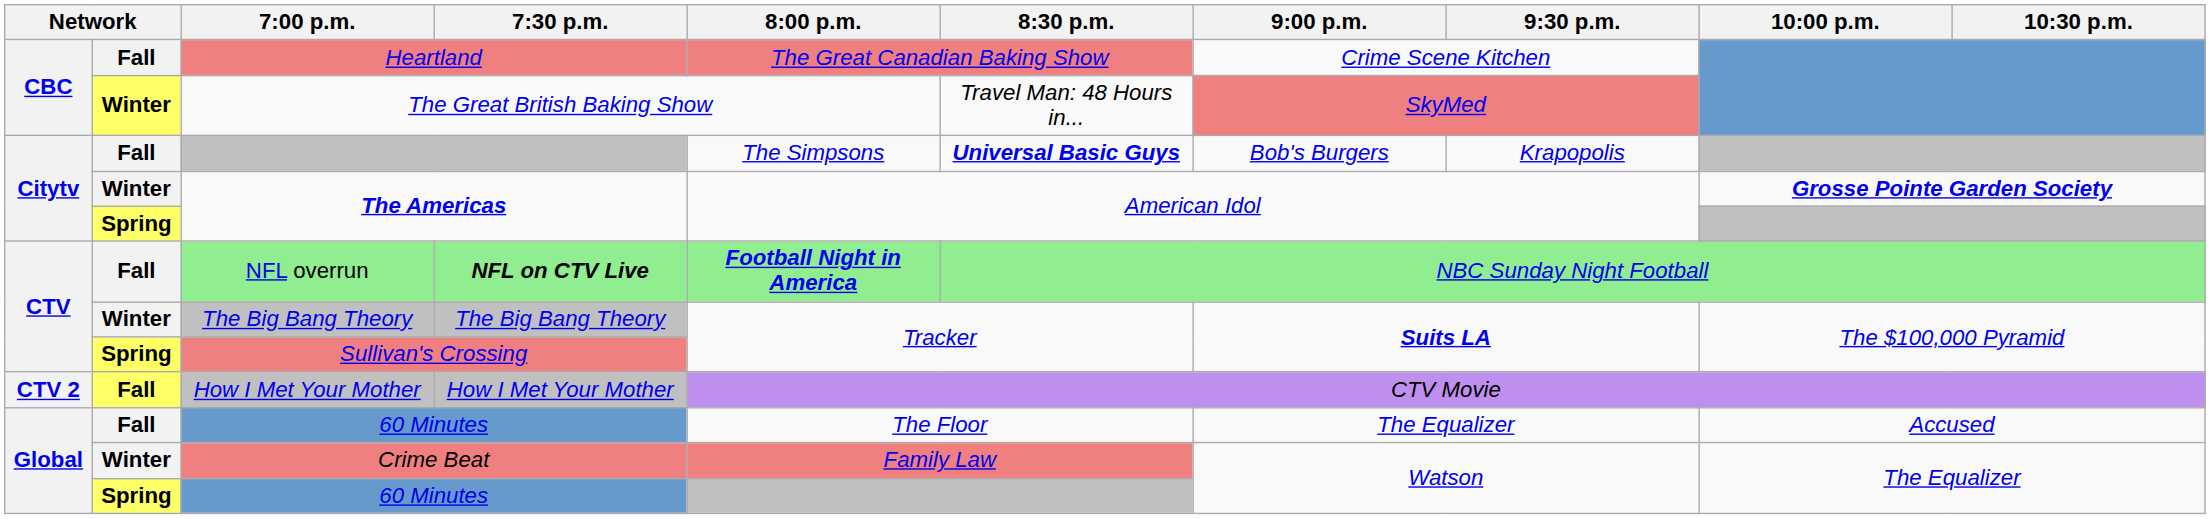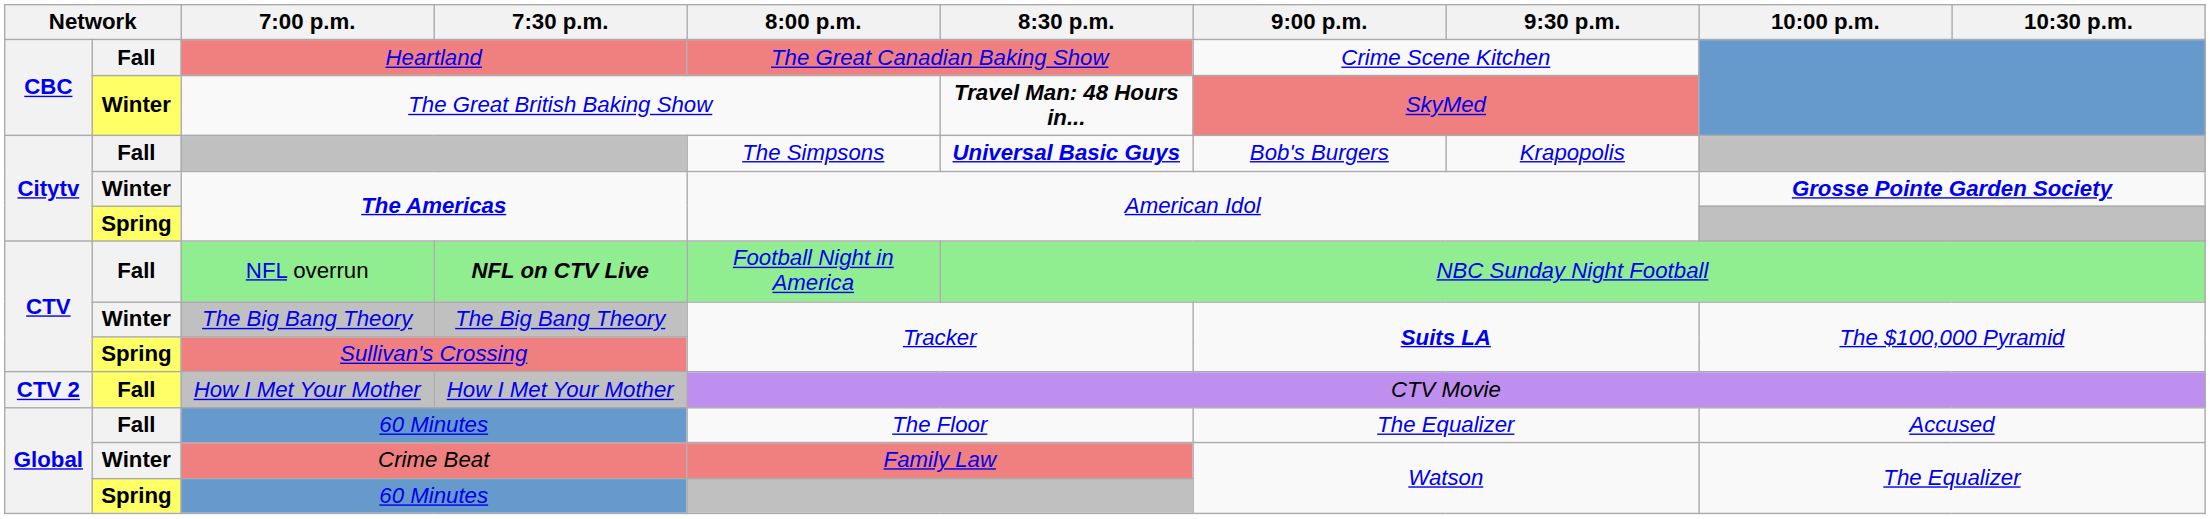 <table class=wikitable style=width:100%;margin-right:0;text-align:center>
 <tr>
 <th style=width:8% colspan=2>Network</th>
 <th style=width:11.5%>7:00 p.m.</th>
 <th style=width:11.5%>7:30 p.m.</th>
 <th style=width:11.5%>8:00 p.m.</th>
 <th style=width:11.5%>8:30 p.m.</th>
 <th style=width:11.5%>9:00 p.m.</th>
 <th style=width:11.5%>9:30 p.m.</th>
 <th style=width:11.5%>10:00 p.m.</th>
 <th style=width:11.5%>10:30 p.m.</th>
 </tr>
 <tr>
 <th rowspan=2><a href='#'>CBC</a></th>
 <th>Fall</th>
 <td colspan=2 style=background:#F08080><em><a href='#'>Heartland</a></em> </td>
 <td colspan=2 style=background:#F08080><em><a href='#'>The Great Canadian Baking Show</a></em> </td>
 <td colspan=2><em><a href='#'>Crime Scene Kitchen</a></em> </td>
 <td colspan=2 style=background:#6699CC rowspan=2></td>
 </tr>
 <tr>
 <th style=background:#FFFF66>Winter</th>
 <td colspan=3><em><a href='#'>The Great British Baking Show</a></em> </td>
-<td><em>Travel Man: 48 Hours in...</em></td>
+<td><strong><em>Travel Man: 48 Hours in...</em></strong></td>
 <td colspan=2 style=background:#F08080><em><a href='#'>SkyMed</a></em> </td>
 </tr>
 <tr>
 <th rowspan=3><a href='#'>Citytv</a></th>
 <th>Fall</th>
 <td colspan=2 style=background:#C0C0C0> </td>
 <td><em><a href='#'>The Simpsons</a></em> </td>
 <td><strong><em><a href='#'>Universal Basic Guys</a></em></strong> </td>
 <td><em><a href='#'>Bob's Burgers</a></em> </td>
 <td><em><a href='#'>Krapopolis</a></em> </td>
 <td colspan=2 style=background:#C0C0C0> </td>
 </tr>
 <tr>
 <th>Winter</th>
 <td colspan=2 rowspan=2><strong><em><a href='#'>The Americas</a></em></strong></td>
 <td colspan=4 rowspan=2><em><a href='#'>American Idol</a></em></td>
 <td colspan=2><strong><em><a href='#'>Grosse Pointe Garden Society</a></em></strong></td>
 </tr>
 <tr>
 <th style=background:#FFFF66>Spring</th>
 <td colspan=2 style=background:#C0C0C0> </td>
 </tr>
 <tr>
 <th rowspan=3><a href='#'>CTV</a></th>
 <th>Fall</th>
 <td style=background:lightgreen><a href='#'>NFL</a> overrun </td>
 <td style=background:lightgreen><strong><em>NFL on CTV Live</em></strong></td>
-<td style=background:lightgreen><strong><em><a href='#'>Football Night in America</a></em></strong></td>
+<td style=background:lightgreen><em><a href='#'>Football Night in America</a></em></td>
 <td colspan=5 style=background:lightgreen><em><a href='#'>NBC Sunday Night Football</a></em></td>
 </tr>
 <tr>
 <th>Winter</th>
 <td style=background:#C0C0C0><em><a href='#'>The Big Bang Theory</a></em> </td>
 <td style=background:#C0C0C0><em><a href='#'>The Big Bang Theory</a></em> </td>
 <td colspan=2 rowspan=2><em><a href='#'>Tracker</a></em> </td>
 <td colspan=2 rowspan=2><strong><em><a href='#'>Suits LA</a></em></strong> </td>
 <td colspan=2 rowspan=2><em><a href='#'>The $100,000 Pyramid</a></em> </td>
 </tr>
 <tr>
 <th style=background:#FFFF66>Spring</th>
 <td colspan=2 style=background:#F08080><em><a href='#'>Sullivan's Crossing</a></em> </td>
 </tr>
 <tr>
 <th><a href='#'>CTV 2</a></th>
 <th style=background:#FFFF66>Fall</th>
 <td style=background:#C0C0C0><em><a href='#'>How I Met Your Mother</a></em> </td>
 <td style=background:#C0C0C0><em><a href='#'>How I Met Your Mother</a></em> </td>
 <td colspan=6 style=background:#bf8fef><em>CTV Movie</em></td>
 </tr>
 <tr>
 <th rowspan=3><a href='#'>Global</a></th>
 <th>Fall</th>
 <td style=background:#6699CC colspan=2><em><a href='#'>60 Minutes</a></em> </td>
 <td colspan=2><em><a href='#'>The Floor</a></em> </td>
 <td colspan=2><em><a href='#'>The Equalizer</a></em> </td>
 <td colspan=2><em><a href='#'>Accused</a></em> </td>
 </tr>
 <tr>
 <th>Winter</th>
 <td colspan=2 style=background:#F08080><em>Crime Beat</em> </td>
 <td colspan=2 style=background:#F08080><em><a href='#'>Family Law</a></em> </td>
 <td colspan=2 rowspan=2><em><a href='#'>Watson</a></em></td>
 <td colspan=2 rowspan=2><em><a href='#'>The Equalizer</a></em></td>
 </tr>
 <tr>
 <th style=background:#FFFF66>Spring</th>
 <td style=background:#6699CC colspan=2><em><a href='#'>60 Minutes</a></em></td>
 <td colspan=2 style=background:#C0C0C0> </td>
 </tr>
 </table>
